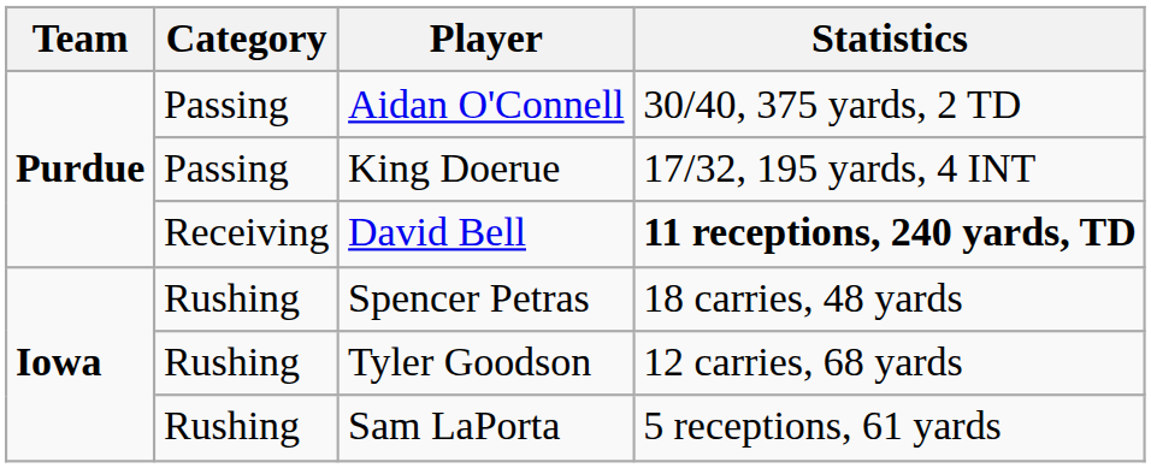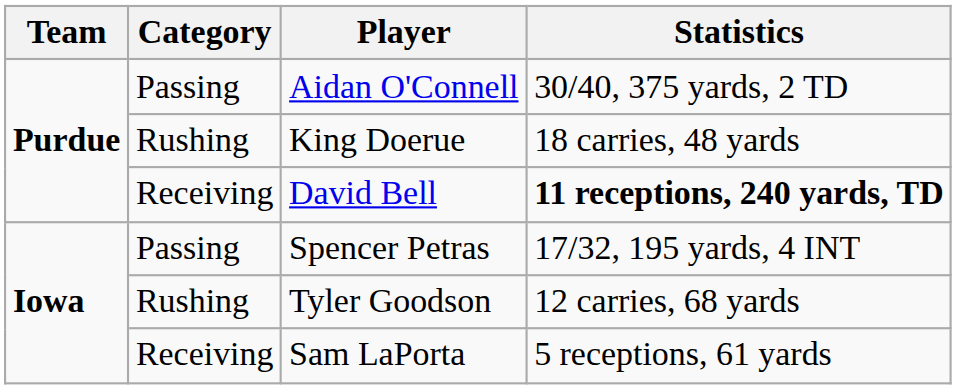 <table class="wikitable" style="float: left;">
 <tr>
 <th>Team</th>
 <th>Category</th>
 <th>Player</th>
 <th>Statistics</th>
 </tr>
 <tr>
 <td rowspan=3><strong>Purdue</strong></td>
 <td>Passing</td>
 <td><a href='#'>Aidan O'Connell</a></td>
 <td>30/40, 375 yards, 2 TD</td>
 </tr>
 <tr>
-<td>Passing</td>
+<td>Rushing</td>
 <td>King Doerue</td>
-<td>17/32, 195 yards, 4 INT</td>
+<td>18 carries, 48 yards</td>
 </tr>
 <tr>
 <td>Receiving</td>
 <td><a href='#'>David Bell</a></td>
 <td><strong>11 receptions, 240 yards, TD</strong></td>
 </tr>
 <tr>
 <td rowspan=3><strong>Iowa</strong></td>
-<td>Rushing</td>
+<td>Passing</td>
 <td>Spencer Petras</td>
-<td>18 carries, 48 yards</td>
+<td>17/32, 195 yards, 4 INT</td>
 </tr>
 <tr>
 <td>Rushing</td>
 <td>Tyler Goodson</td>
 <td>12 carries, 68 yards</td>
 </tr>
 <tr>
-<td>Rushing</td>
+<td>Receiving</td>
 <td>Sam LaPorta</td>
 <td>5 receptions, 61 yards</td>
 </tr>
 </table>
